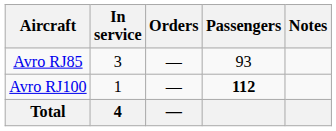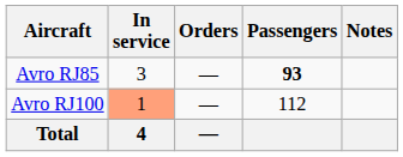 <table class="wikitable" style="margin:0.5em auto; text-align:center">
 <tr>
 <th>Aircraft</th>
 <th>In <br> service</th>
 <th>Orders</th>
 <th>Passengers</th>
 <th>Notes</th>
 </tr>
 <tr>
 <td><a href='#'>Avro RJ85</a></td>
 <td>3</td>
 <td>—</td>
-<td>93</td>
+<td><strong>93</strong></td>
 <td></td>
 </tr>
 <tr>
 <td><a href='#'>Avro RJ100</a></td>
-<td>1</td>
+<td style="background: lightsalmon;">1</td>
 <td>—</td>
-<td><strong>112</strong></td>
+<td>112</td>
 <td></td>
 </tr>
 <tr>
 <th>Total</th>
 <th>4</th>
 <th>—</th>
 <th></th>
 <th colspan=2></th>
 </tr>
 </table>
